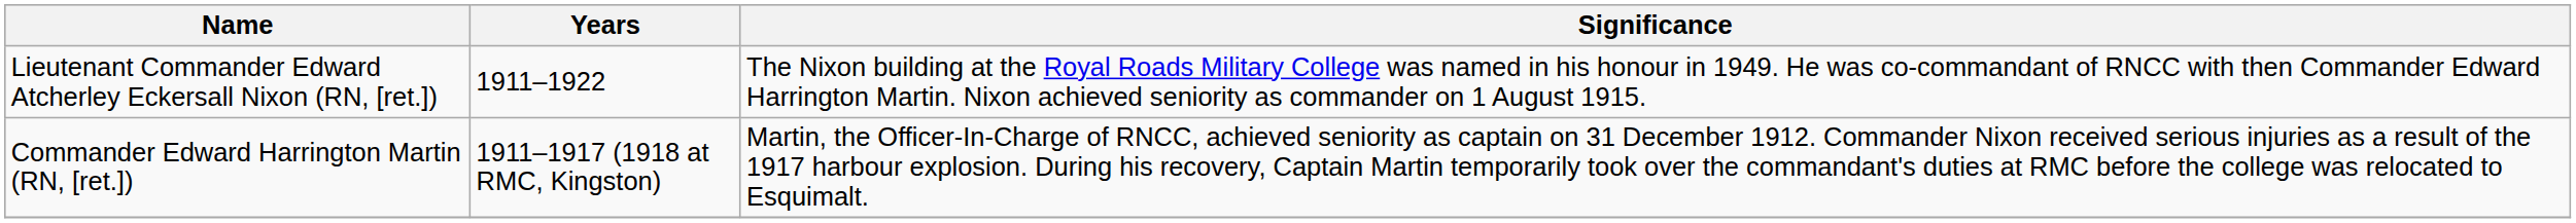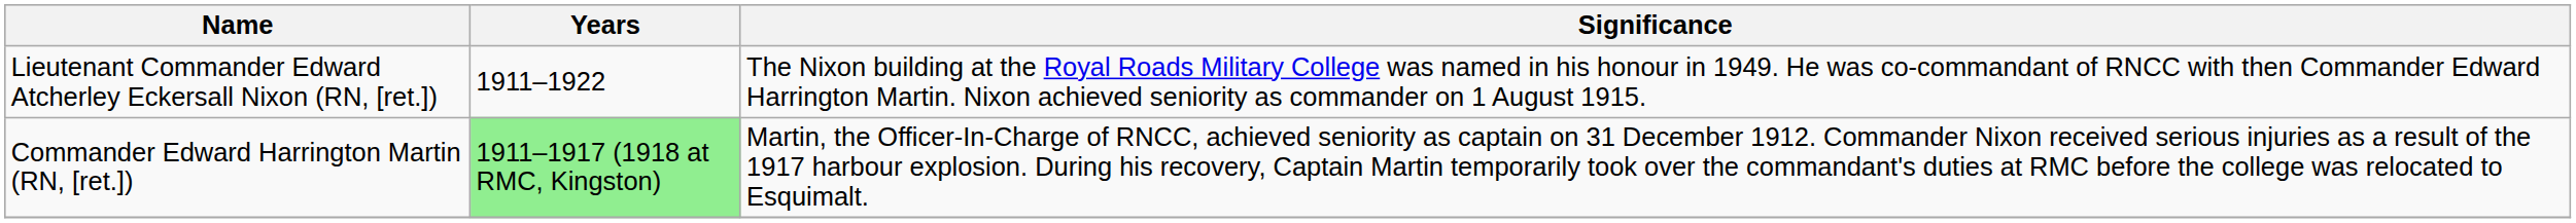 <table class="wikitable">
 <tr>
 <th>Name</th>
 <th>Years</th>
 <th>Significance</th>
 </tr>
 <tr>
 <td>Lieutenant Commander Edward Atcherley Eckersall Nixon (RN, [ret.])</td>
 <td>1911–1922</td>
 <td>The Nixon building at the <a href='#'>Royal Roads Military College</a> was named in his honour in 1949. He was co-commandant of RNCC with then Commander Edward Harrington Martin. Nixon achieved seniority as commander on 1 August 1915.</td>
 </tr>
 <tr>
 <td>Commander Edward Harrington Martin (RN, [ret.])</td>
-<td>1911–1917 (1918 at RMC, Kingston)</td>
+<td style="background: lightgreen;">1911–1917 (1918 at RMC, Kingston)</td>
 <td>Martin, the Officer-In-Charge of RNCC, achieved seniority as captain on 31 December 1912. Commander Nixon received serious injuries as a result of the 1917 harbour explosion. During his recovery, Captain Martin temporarily took over the commandant's duties at RMC before the college was relocated to Esquimalt.</td>
 </tr>
 <tr>
 </tr>
 </table>
